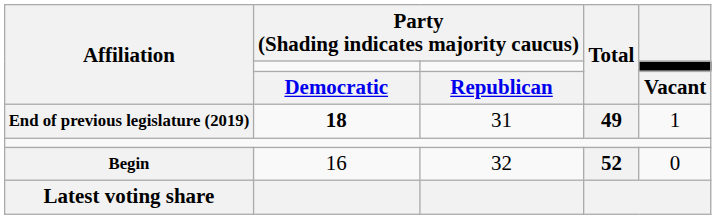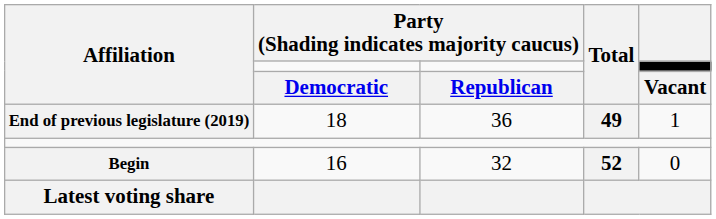 <table class="wikitable" style="text-align:center">
 <tr>
 <th rowspan="3">Affiliation</th>
 <th colspan="2">Party<div>(Shading indicates majority caucus)</div></th>
 <th rowspan="3">Total</th>
 <th></th>
 </tr>
 <tr style="height:5px">
 <td style="background-color:"></td>
 <td style="background-color:"></td>
 <td style="background: black"></td>
 </tr>
 <tr>
 <th><a href='#'>Democratic</a></th>
 <th><a href='#'>Republican</a></th>
 <th>Vacant</th>
 </tr>
 <tr>
 <th nowrap="" style="font-size:80%">End of previous legislature (2019)</th>
-<td><strong>18</strong></td>
-<td>31</td>
+<td>18</td>
+<td>36</td>
 <th>49</th>
 <td>1</td>
 </tr>
 <tr>
 <td colspan="5"></td>
 </tr>
 <tr>
 <th nowrap="" style="font-size:80%">Begin</th>
 <td>16</td>
 <td>32</td>
 <th>52</th>
 <td>0</td>
 </tr>
 <tr>
 <th>Latest voting share</th>
 <th></th>
 <th></th>
 <th colspan="2"></th>
 </tr>
 </table>
